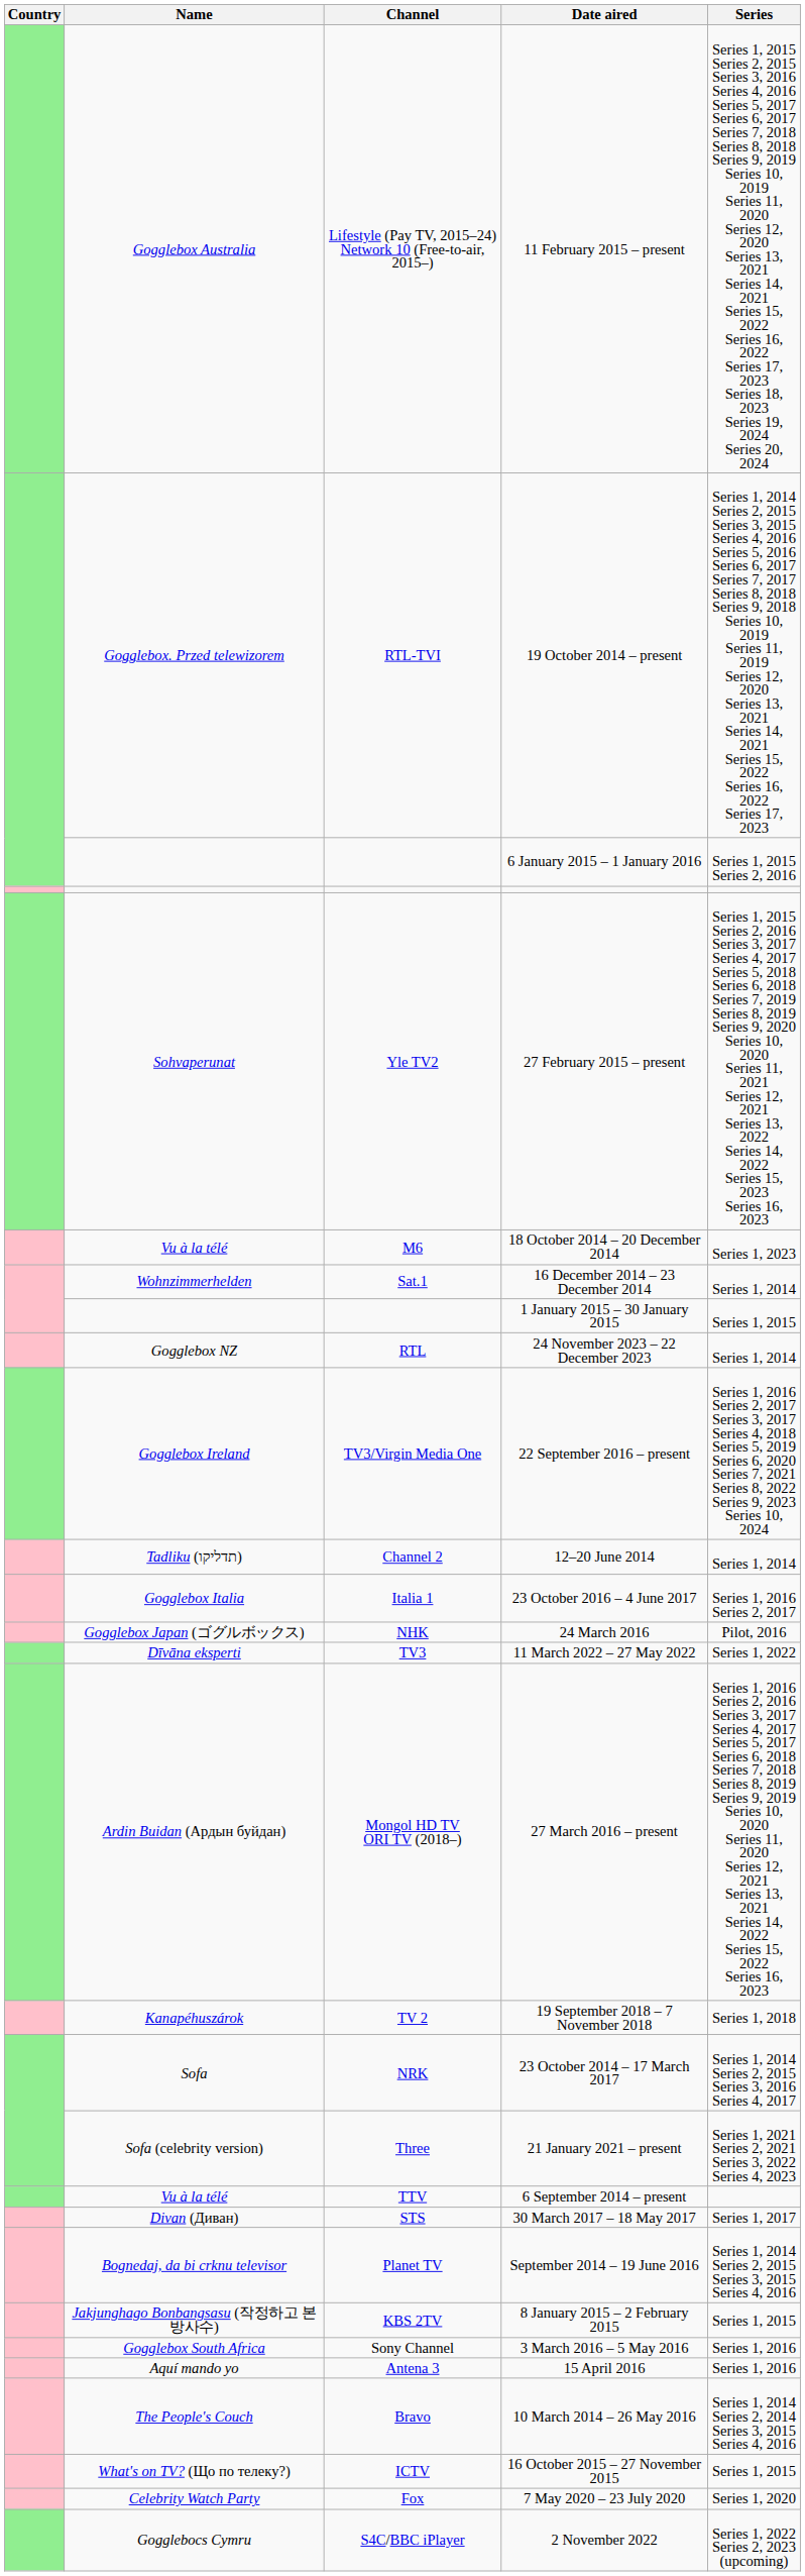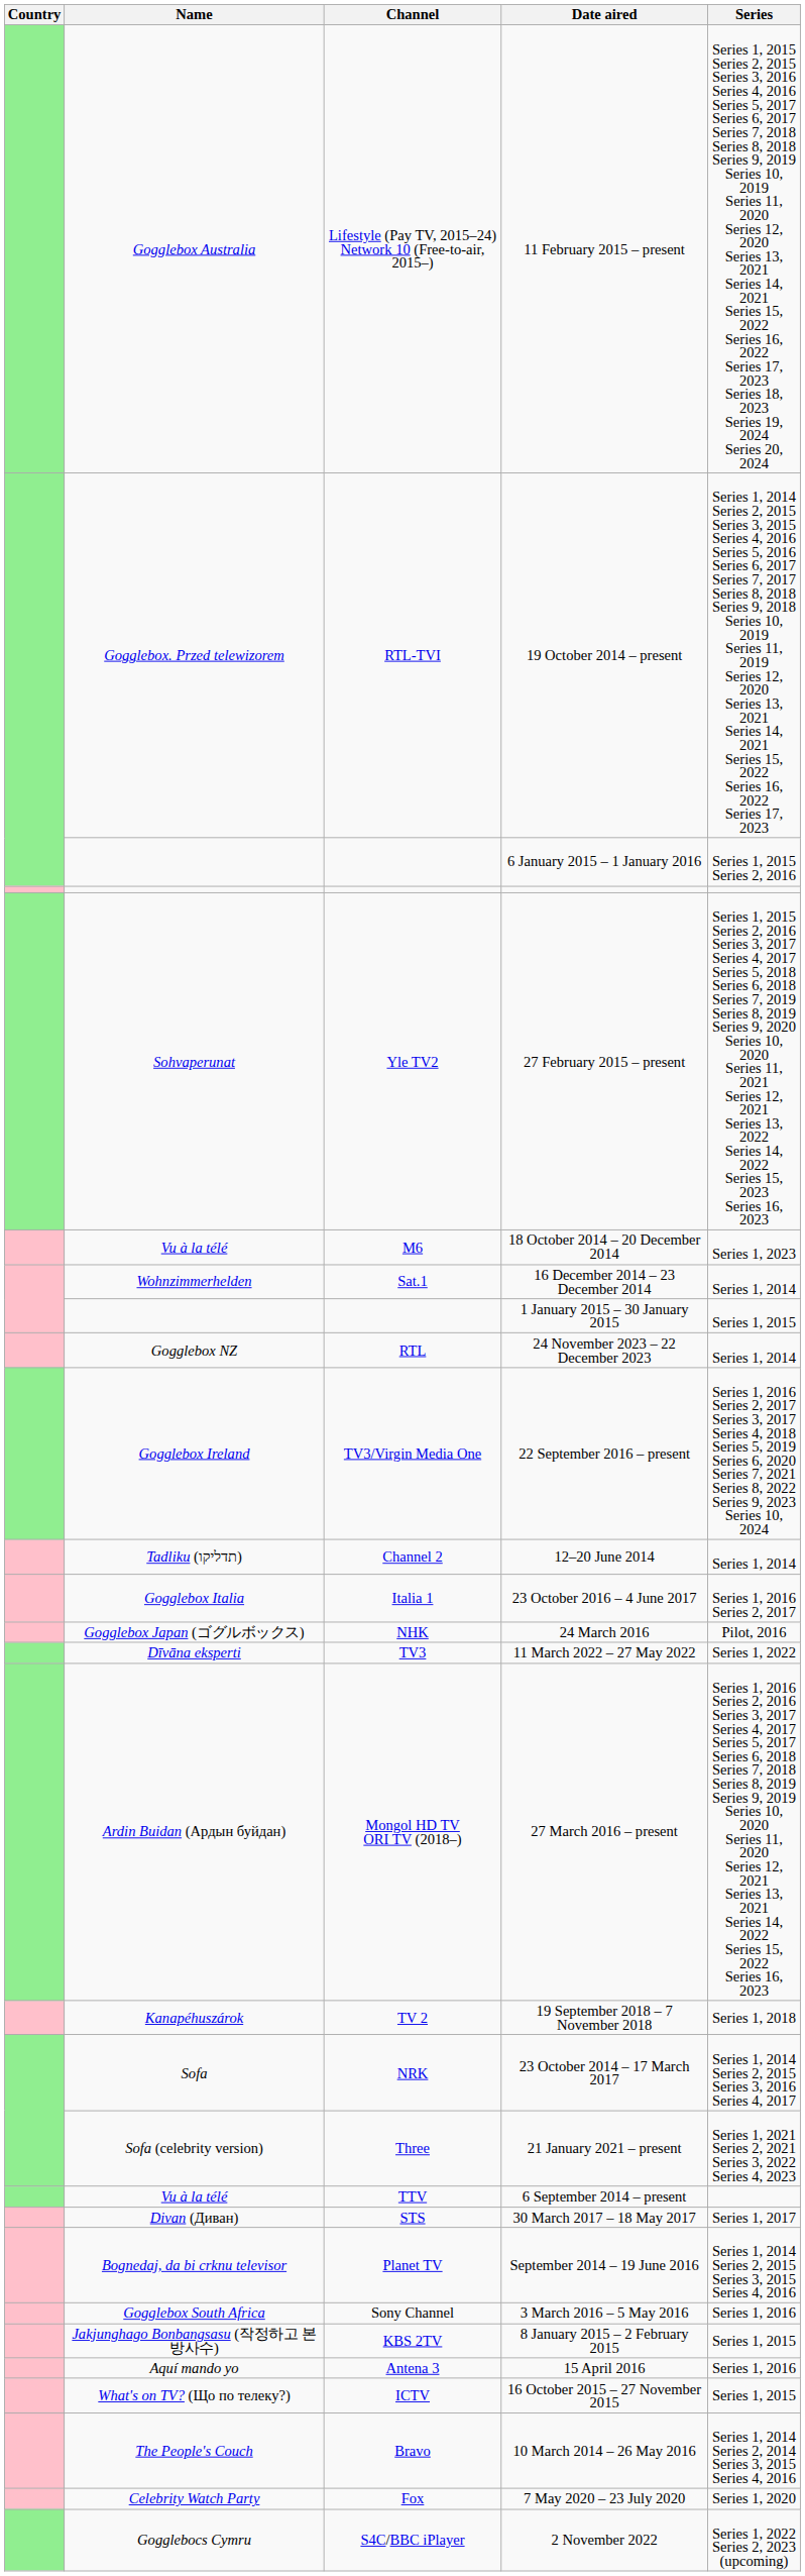 <table class="wikitable sortable" style="text-align:center; font-size:100%; line-height:15px;">
 <tr>
 <th>Country</th>
 <th>Name</th>
 <th>Channel</th>
 <th>Date aired</th>
 <th>Series</th>
 </tr>
 <tr>
 <td style="background:#90EE90;" align="left"><strong></strong></td>
 <td><em><a href='#'>Gogglebox Australia</a></em></td>
 <td><a href='#'>Lifestyle</a> (Pay TV, 2015–24) <br> <a href='#'>Network 10</a> (Free-to-air, 2015–)</td>
 <td>11 February 2015 – present</td>
 <td><br>Series 1, 2015<br> Series 2, 2015<br> Series 3, 2016<br> Series 4, 2016<br> Series 5, 2017<br> Series 6, 2017<br> Series 7, 2018<br> Series 8, 2018<br> Series 9, 2019<br> Series 10, 2019<br> Series 11, 2020<br> Series 12, 2020<br> Series 13, 2021<br> Series 14, 2021<br> Series 15, 2022<br> Series 16, 2022<br> Series 17, 2023<br> Series 18, 2023<br> Series 19, 2024<br> Series 20, 2024<br></td>
 </tr>
 <tr>
 <td style="background:#90EE90;" align="left" rowspan=2><strong></strong></td>
 <td><em><a href='#'>Gogglebox. Przed telewizorem</a></em></td>
 <td><a href='#'>RTL-TVI</a></td>
 <td>19 October 2014 – present</td>
 <td><br>Series 1, 2014<br> Series 2, 2015<br> Series 3, 2015<br> Series 4, 2016<br> Series 5, 2016<br> Series 6, 2017<br> Series 7, 2017<br> Series 8, 2018<br> Series 9, 2018<br> Series 10, 2019<br> Series 11, 2019<br> Series 12, 2020<br> Series 13, 2021<br> Series 14, 2021<br> Series 15, 2022<br> Series 16, 2022<br> Series 17, 2023</td>
 </tr>
 <tr>
 <td><em></em></td>
 <td></td>
 <td>6 January 2015 – 1 January 2016</td>
 <td><br>Series 1, 2015<br> Series 2, 2016</td>
 </tr>
 <tr>
 <td style="background:#FFC0CB;" align="left"><strong></strong></td>
 <td></td>
 <td></td>
 <td></td>
 <td></td>
 </tr>
 <tr>
 <td style="background:#90EE90;" align="left"><strong></strong></td>
 <td><em><a href='#'>Sohvaperunat</a></em></td>
 <td><a href='#'>Yle TV2</a></td>
 <td>27 February 2015 – present</td>
 <td><br>Series 1, 2015<br> Series 2, 2016<br> Series 3, 2017<br> Series 4, 2017<br> Series 5, 2018<br> Series 6, 2018<br> Series 7, 2019<br> Series 8, 2019<br> Series 9, 2020<br> Series 10, 2020<br> Series 11, 2021<br> Series 12, 2021<br> Series 13, 2022<br> Series 14, 2022<br> Series 15, 2023<br> Series 16, 2023</td>
 </tr>
 <tr>
 <td style="background:#FFC0CB;" align="left"><strong></strong></td>
 <td><em><a href='#'>Vu à la télé</a></em></td>
 <td><a href='#'>M6</a></td>
 <td>18 October 2014 – 20 December 2014</td>
 <td><br>Series 1, 2023</td>
 </tr>
 <tr>
 <td style="background:#FFC0CB;" align="left" rowspan=2><strong></strong></td>
 <td><em><a href='#'>Wohnzimmerhelden</a></em></td>
 <td><a href='#'>Sat.1</a></td>
 <td>16 December 2014 – 23 December 2014</td>
 <td><br>Series 1, 2014<br></td>
 </tr>
 <tr>
 <td><em></em></td>
 <td></td>
 <td>1 January 2015 – 30 January 2015</td>
 <td><br>Series 1, 2015<br></td>
 </tr>
 <tr>
 <td style="background:#FFC0CB;" align="left"><strong></strong></td>
 <td><em> Gogglebox NZ</em></td>
 <td><a href='#'>RTL</a></td>
 <td>24 November 2023 – 22 December 2023</td>
 <td><br>Series 1, 2014<br></td>
 </tr>
 <tr>
 <td style="background:#90EE90;" align="left"><strong></strong></td>
 <td><em> <a href='#'>Gogglebox Ireland</a></em></td>
 <td><a href='#'>TV3/Virgin Media One</a></td>
 <td>22 September 2016 – present</td>
 <td><br>Series 1, 2016<br> Series 2, 2017<br> Series 3, 2017<br> Series 4, 2018<br> Series 5, 2019<br> Series 6, 2020<br> Series 7, 2021<br> Series 8, 2022<br>Series 9, 2023<br>Series 10, 2024<br></td>
 </tr>
 <tr>
 <td style="background:#FFC0CB;" align="left"><strong></strong></td>
 <td><em><a href='#'>Tadliku</a></em> (תדליקו)</td>
 <td><a href='#'>Channel 2</a></td>
 <td>12–20 June 2014</td>
 <td><br>Series 1, 2014<br></td>
 </tr>
 <tr>
 <td style="background:#FFC0CB;" align="left"><strong></strong></td>
 <td><em><a href='#'>Gogglebox Italia</a></em></td>
 <td><a href='#'>Italia 1</a></td>
 <td>23 October 2016 – 4 June 2017</td>
 <td><br>Series 1, 2016<br> Series 2, 2017<br></td>
 </tr>
 <tr>
 <td style="background:#FFC0CB;" align="left"><strong></strong></td>
 <td><em><a href='#'>Gogglebox Japan</a></em> (ゴグルボックス)</td>
 <td><a href='#'>NHK</a></td>
 <td>24 March 2016</td>
 <td>Pilot, 2016</td>
 </tr>
 <tr>
 <td style="background:#90EE90;" align="left"><strong></strong></td>
 <td><em><a href='#'>Dīvāna eksperti</a></em></td>
 <td><a href='#'>TV3</a></td>
 <td>11 March 2022 – 27 May 2022</td>
 <td>Series 1, 2022</td>
 </tr>
 <tr>
 <td style="background:#90EE90;" align="left"><strong></strong></td>
 <td><em><a href='#'>Ardin Buidan</a></em> (Ардын буйдан)</td>
 <td><a href='#'>Mongol HD TV</a> <br> <a href='#'>ORI TV</a> (2018–)</td>
 <td>27 March 2016 – present</td>
 <td><br>Series 1, 2016<br> Series 2, 2016<br> Series 3, 2017<br> Series 4, 2017<br> Series 5, 2017<br> Series 6, 2018<br> Series 7, 2018<br> Series 8, 2019<br> Series 9, 2019<br> Series 10, 2020<br> Series 11, 2020<br> Series 12, 2021<br> Series 13, 2021<br> Series 14, 2022<br> Series 15, 2022<br> Series 16, 2023<br></td>
 </tr>
 <tr>
 <td style="background:#FFC0CB;" align="left"><strong></strong></td>
 <td><em><a href='#'>Kanapéhuszárok</a></em></td>
 <td><a href='#'>TV 2</a></td>
 <td>19 September 2018 – 7 November 2018</td>
 <td>Series 1, 2018</td>
 </tr>
 <tr>
 <td style="background:#90EE90;" align="left" rowspan=2><strong></strong></td>
 <td><em>Sofa</em></td>
 <td><a href='#'>NRK</a></td>
 <td>23 October 2014 – 17 March 2017</td>
 <td><br>Series 1, 2014<br> Series 2, 2015<br> Series 3, 2016<br> Series 4, 2017</td>
 </tr>
 <tr>
 <td><em>Sofa</em> (celebrity version)</td>
 <td><a href='#'>Three</a></td>
 <td>21 January 2021 – present</td>
 <td><br>Series 1, 2021<br> Series 2, 2021<br> Series 3, 2022<br> Series 4, 2023</td>
 </tr>
 <tr>
 <td style="background:#90EE90;" align="left"><strong></strong></td>
 <td><em><a href='#'>Vu à la télé</a></em></td>
 <td><a href='#'>TTV</a></td>
 <td>6 September 2014 – present</td>
 <td></td>
 </tr>
 <tr>
 <td style="background:#FFC0CB;" align="left"><strong></strong></td>
 <td><em><a href='#'>Divan</a></em> (Диван)</td>
 <td><a href='#'>STS</a></td>
 <td>30 March 2017 – 18 May 2017</td>
 <td>Series 1, 2017</td>
 </tr>
 <tr>
 <td style="background:#FFC0CB;" align="left"><strong></strong></td>
 <td><em><a href='#'>Bognedaj, da bi crknu televisor</a></em></td>
 <td><a href='#'>Planet TV</a></td>
 <td>September 2014 – 19 June 2016</td>
 <td><br>Series 1, 2014<br> Series 2, 2015<br> Series 3, 2015<br> Series 4, 2016<br></td>
 </tr>
 <tr>
 <td style="background:#FFC0CB;" align="left"><strong></strong></td>
+<td><em><a href='#'>Gogglebox South Africa</a></em></td>
+<td>Sony Channel</td>
+<td>3 March 2016 – 5 May 2016</td>
+<td>Series 1, 2016</td>
+</tr>
+<tr>
+<td style="background:#FFC0CB;" align="left"><strong></strong></td>
 <td><em><a href='#'>Jakjunghago Bonbangsasu</a></em> (작정하고 본방사수)</td>
 <td><a href='#'>KBS 2TV</a></td>
 <td>8 January 2015 – 2 February 2015</td>
 <td>Series 1, 2015</td>
-</tr>
-<tr>
-<td style="background:#FFC0CB;" align="left"><strong></strong></td>
-<td><em><a href='#'>Gogglebox South Africa</a></em></td>
-<td>Sony Channel</td>
-<td>3 March 2016 – 5 May 2016</td>
-<td>Series 1, 2016</td>
 </tr>
 <tr>
 <td style="background:#FFC0CB;" align="left"><strong></strong></td>
 <td><em>Aquí mando yo</em></td>
 <td><a href='#'>Antena 3</a></td>
 <td>15 April 2016</td>
 <td>Series 1, 2016</td>
 </tr>
 <tr>
+<td style="background:#FFC0CB;" align="left"><strong></strong></td>
+<td><em><a href='#'>What's on TV?</a></em> (Що по телеку?)</td>
+<td><a href='#'>ICTV</a></td>
+<td>16 October 2015 – 27 November 2015</td>
+<td>Series 1, 2015</td>
+</tr>
+<tr>
 <td style="background:#FFC0CB;" align="left"><strong><br></strong></td>
 <td><em><a href='#'>The People's Couch</a></em></td>
 <td><a href='#'>Bravo</a></td>
 <td>10 March 2014 – 26 May 2016</td>
 <td><br>Series 1, 2014<br> Series 2, 2014<br> Series 3, 2015<br> Series 4, 2016<br></td>
-</tr>
-<tr>
-<td style="background:#FFC0CB;" align="left"><strong></strong></td>
-<td><em><a href='#'>What's on TV?</a></em> (Що по телеку?)</td>
-<td><a href='#'>ICTV</a></td>
-<td>16 October 2015 – 27 November 2015</td>
-<td>Series 1, 2015</td>
 </tr>
 <tr>
 <td style="background:#FFC0CB;" align="left"><strong></strong></td>
 <td><em><a href='#'>Celebrity Watch Party</a></em></td>
 <td><a href='#'>Fox</a></td>
 <td>7 May 2020 – 23 July 2020</td>
 <td>Series 1, 2020</td>
 </tr>
 <tr>
 <td style="background:#90EE90;" align="left"><strong></strong></td>
 <td><em>Gogglebocs Cymru</em></td>
 <td><a href='#'>S4C</a>/<a href='#'>BBC&nbsp;iPlayer</a></td>
 <td>2 November 2022</td>
 <td><br>Series 1, 2022<br> Series 2, 2023<br> (upcoming)</td>
 </tr>
 </table>
